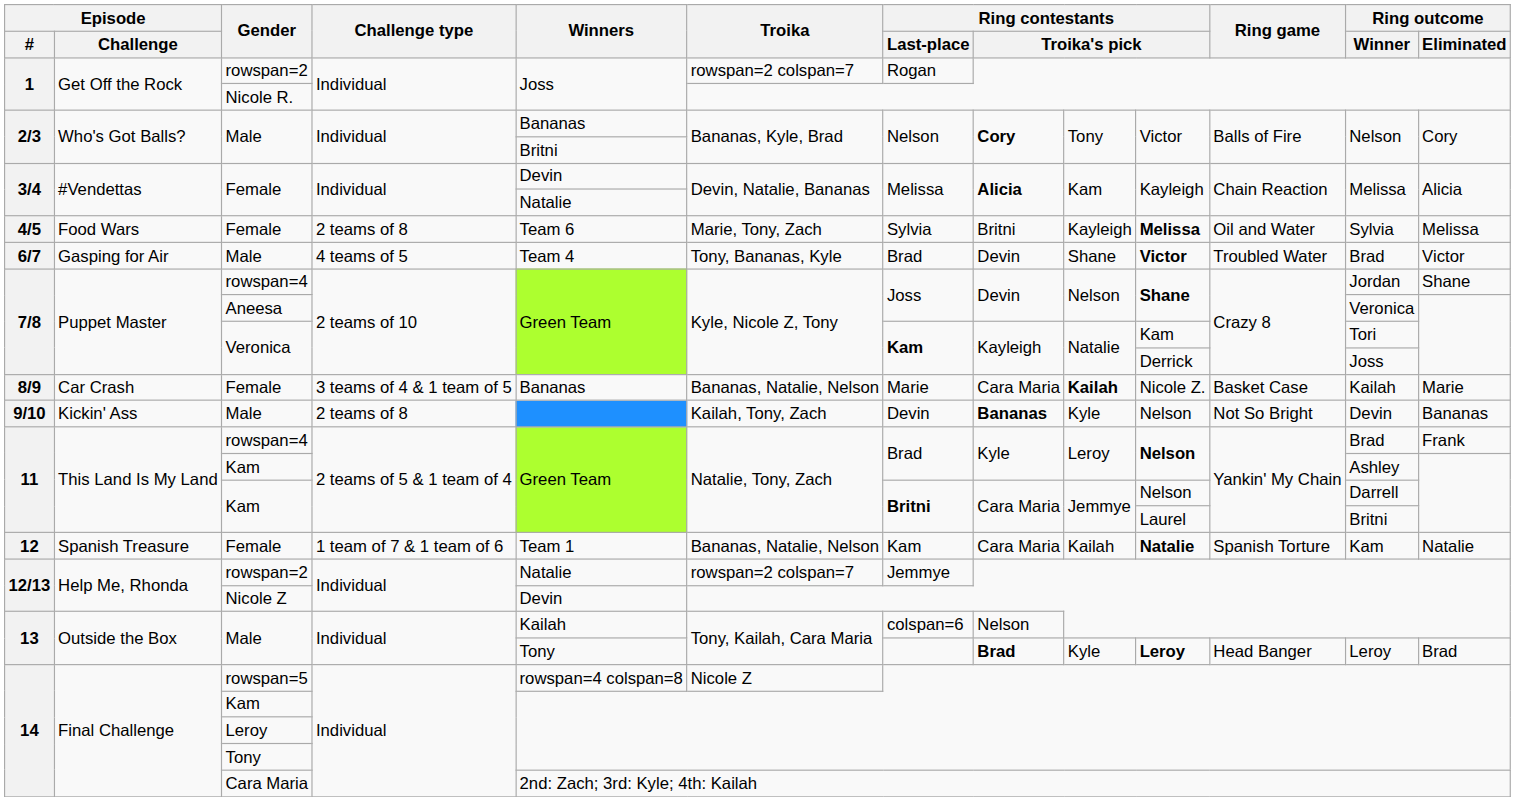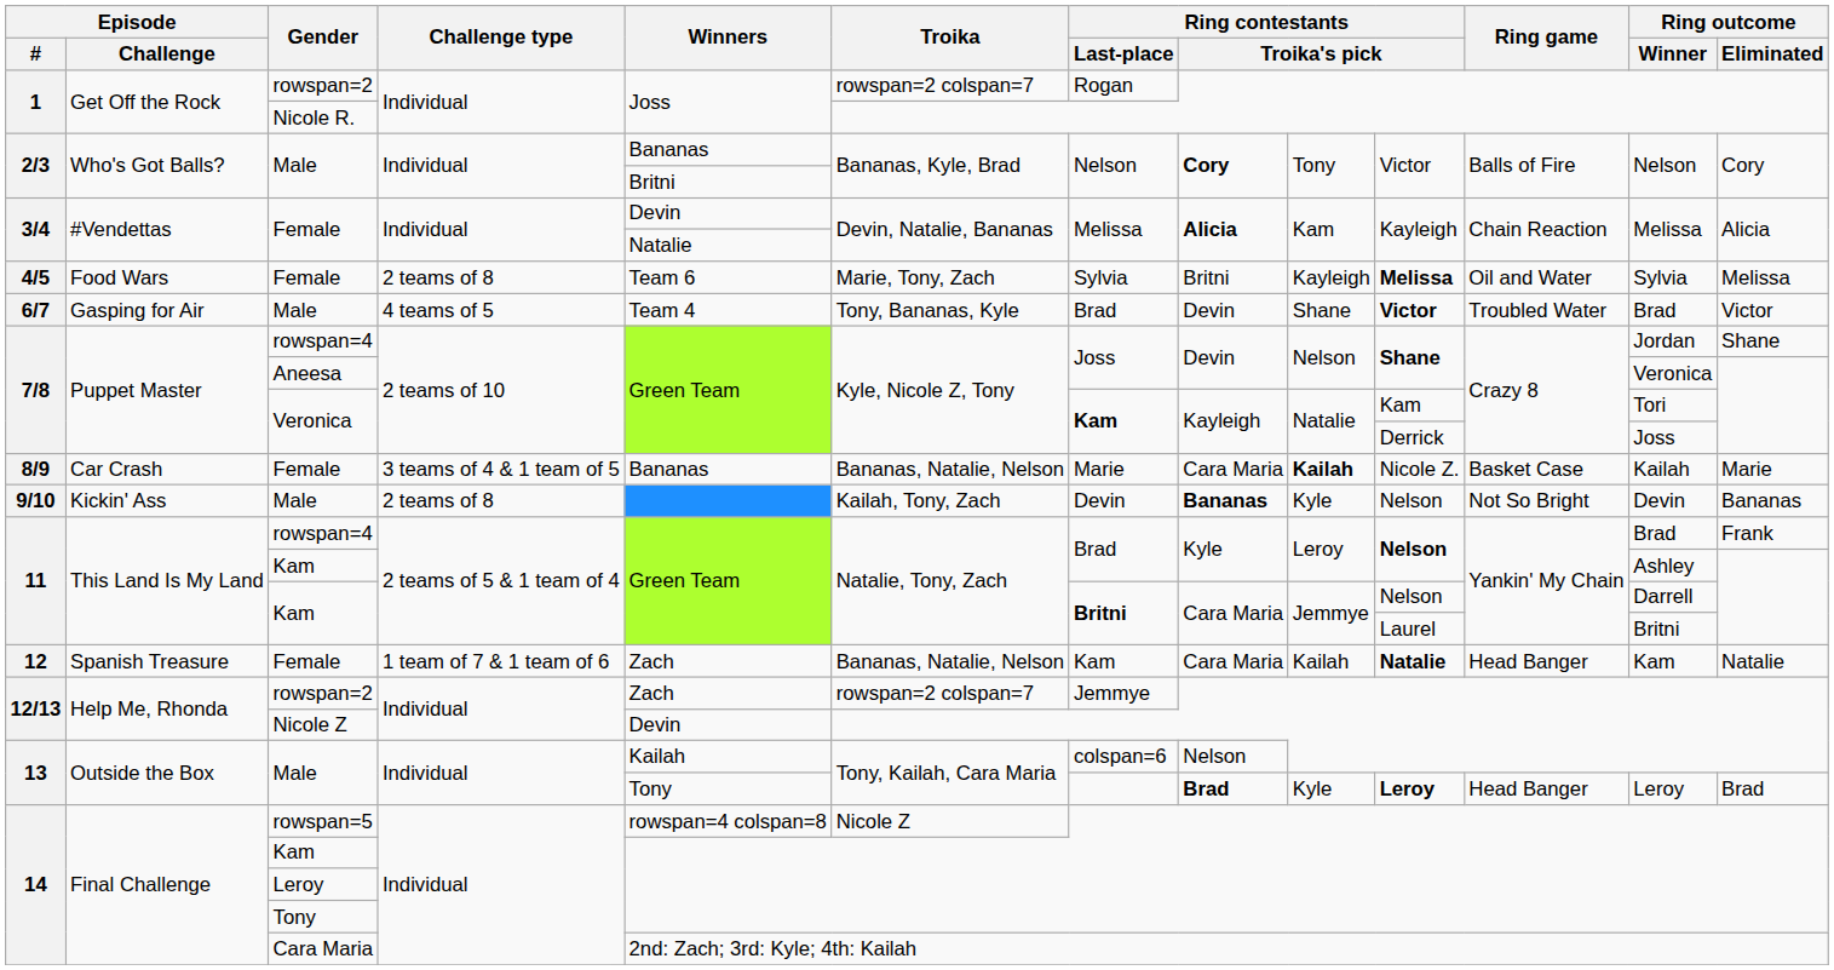 <table class="wikitable" style="font-size:90%; white-space:nowrap;">
 <tr>
 <th colspan=2>Episode</th>
 <th rowspan=2>Gender</th>
 <th rowspan=2>Challenge type</th>
 <th rowspan=2>Winners</th>
 <th rowspan=2 colspan=1>Troika</th>
 <th colspan=4>Ring contestants</th>
 <th rowspan=2>Ring game</th>
 <th colspan=2>Ring outcome</th>
 </tr>
 <tr>
 <th>#</th>
 <th>Challenge</th>
 <th>Last-place</th>
 <th colspan=3>Troika's pick</th>
 <th>Winner</th>
 <th>Eliminated</th>
 </tr>
 <tr>
 <th rowspan=2>1</th>
 <td rowspan=2>Get Off the Rock</td>
 <td>rowspan=2 </td>
 <td rowspan=2>Individual</td>
 <td rowspan=2>Joss</td>
 <td>rowspan=2 colspan=7 </td>
 <td>Rogan</td>
 </tr>
 <tr>
 <td>Nicole R.</td>
 </tr>
 <tr>
 <th rowspan=2>2/3</th>
 <td rowspan=2>Who's Got Balls?</td>
 <td rowspan=2>Male</td>
 <td rowspan=2>Individual</td>
 <td>Bananas</td>
 <td rowspan=2>Bananas, Kyle, Brad</td>
 <td rowspan=2>Nelson</td>
 <td rowspan=2><strong>Cory</strong></td>
 <td rowspan=2>Tony</td>
 <td rowspan=2>Victor</td>
 <td rowspan=2>Balls of Fire</td>
 <td rowspan=2>Nelson</td>
 <td rowspan=2>Cory</td>
 </tr>
 <tr>
 <td>Britni</td>
 </tr>
 <tr>
 <th rowspan=2>3/4</th>
 <td rowspan=2>#Vendettas</td>
 <td rowspan=2>Female</td>
 <td rowspan=2>Individual</td>
 <td>Devin</td>
 <td rowspan=2>Devin, Natalie, Bananas</td>
 <td rowspan=2>Melissa</td>
 <td rowspan=2><strong>Alicia</strong></td>
 <td rowspan=2>Kam</td>
 <td rowspan=2>Kayleigh</td>
 <td rowspan=2>Chain Reaction</td>
 <td rowspan=2>Melissa</td>
 <td rowspan=2>Alicia</td>
 </tr>
 <tr>
 <td>Natalie</td>
 </tr>
 <tr>
 <th rowspan=1>4/5</th>
 <td>Food Wars</td>
 <td>Female</td>
 <td>2 teams of 8</td>
 <td>Team 6</td>
 <td>Marie, Tony, Zach</td>
 <td>Sylvia</td>
 <td>Britni</td>
 <td>Kayleigh</td>
 <td><strong>Melissa</strong></td>
 <td>Oil and Water</td>
 <td>Sylvia</td>
 <td>Melissa</td>
 </tr>
 <tr>
 <th rowspan=1>6/7</th>
 <td>Gasping for Air</td>
 <td>Male</td>
 <td>4 teams of 5</td>
 <td>Team 4</td>
 <td>Tony, Bananas, Kyle</td>
 <td>Brad</td>
 <td>Devin</td>
 <td>Shane</td>
 <td><strong>Victor</strong></td>
 <td>Troubled Water</td>
 <td>Brad</td>
 <td>Victor</td>
 </tr>
 <tr>
 <th rowspan=4>7/8</th>
 <td rowspan=4>Puppet Master</td>
 <td>rowspan=4 </td>
 <td rowspan=4>2 teams of 10</td>
 <td bgcolor="#adff2f" rowspan=4>Green Team</td>
 <td rowspan=4>Kyle, Nicole Z, Tony</td>
 <td rowspan=2>Joss</td>
 <td rowspan=2>Devin</td>
 <td rowspan=2>Nelson</td>
 <td rowspan=2><strong>Shane</strong></td>
 <td rowspan=4>Crazy 8</td>
 <td>Jordan</td>
 <td>Shane</td>
 </tr>
 <tr>
 <td>Aneesa</td>
 <td>Veronica</td>
 </tr>
 <tr>
 <td rowspan=2>Veronica</td>
 <td rowspan=2><strong>Kam</strong></td>
 <td rowspan=2>Kayleigh</td>
 <td rowspan=2>Natalie</td>
 <td>Kam</td>
 <td>Tori</td>
 </tr>
 <tr>
 <td>Derrick</td>
 <td>Joss</td>
 </tr>
 <tr>
 <th>8/9</th>
 <td>Car Crash</td>
 <td>Female</td>
 <td>3 teams of 4 & 1 team of 5</td>
 <td>Bananas</td>
 <td>Bananas, Natalie, Nelson</td>
 <td>Marie</td>
 <td>Cara Maria</td>
 <td><strong>Kailah</strong></td>
 <td>Nicole Z.</td>
 <td>Basket Case</td>
 <td>Kailah</td>
 <td>Marie</td>
 </tr>
 <tr>
 <th>9/10</th>
 <td>Kickin' Ass</td>
 <td>Male</td>
 <td>2 teams of 8</td>
 <td bgcolor="#1e90ff"></td>
 <td>Kailah, Tony, Zach</td>
 <td>Devin</td>
 <td><strong>Bananas</strong></td>
 <td>Kyle</td>
 <td>Nelson</td>
 <td>Not So Bright</td>
 <td>Devin</td>
 <td>Bananas</td>
 </tr>
 <tr>
 <th rowspan=4>11</th>
 <td rowspan=4>This Land Is My Land</td>
 <td>rowspan=4 </td>
 <td rowspan=4>2 teams of 5 & 1 team of 4</td>
 <td bgcolor="#adff2f" rowspan=4>Green Team</td>
 <td rowspan=4>Natalie, Tony, Zach</td>
 <td rowspan=2>Brad</td>
 <td rowspan=2>Kyle</td>
 <td rowspan=2>Leroy</td>
 <td rowspan=2><strong>Nelson</strong></td>
 <td rowspan=4>Yankin' My Chain</td>
 <td>Brad</td>
 <td>Frank</td>
 </tr>
 <tr>
 <td>Kam</td>
 <td>Ashley</td>
 </tr>
 <tr>
 <td rowspan=2>Kam</td>
 <td rowspan=2><strong>Britni</strong></td>
 <td rowspan=2>Cara Maria</td>
 <td rowspan=2>Jemmye</td>
 <td>Nelson</td>
 <td>Darrell</td>
 </tr>
 <tr>
 <td>Laurel</td>
 <td>Britni</td>
 </tr>
 <tr>
 <th rowspan=1>12</th>
 <td>Spanish Treasure</td>
 <td>Female</td>
 <td>1 team of 7 & 1 team of 6</td>
-<td>Team 1</td>
+<td>Zach</td>
 <td>Bananas, Natalie, Nelson</td>
 <td>Kam</td>
 <td>Cara Maria</td>
 <td>Kailah</td>
 <td><strong>Natalie</strong></td>
-<td>Spanish Torture</td>
+<td>Head Banger</td>
 <td>Kam</td>
 <td>Natalie</td>
 </tr>
 <tr>
 <th rowspan=2>12/13</th>
 <td rowspan=2>Help Me, Rhonda</td>
 <td>rowspan=2 </td>
 <td rowspan=2>Individual</td>
-<td>Natalie</td>
+<td>Zach</td>
 <td>rowspan=2 colspan=7 </td>
 <td>Jemmye</td>
 </tr>
 <tr>
 <td>Nicole Z</td>
 <td>Devin</td>
 </tr>
 <tr>
 <th rowspan=2>13</th>
 <td rowspan=2>Outside the Box</td>
 <td rowspan=2>Male</td>
 <td rowspan=2>Individual</td>
 <td>Kailah</td>
 <td rowspan=2>Tony, Kailah, Cara Maria</td>
 <td>colspan=6 </td>
 <td>Nelson</td>
 </tr>
 <tr>
 <td>Tony</td>
 <td></td>
 <td><strong>Brad</strong></td>
 <td>Kyle</td>
 <td><strong>Leroy</strong></td>
 <td>Head Banger</td>
 <td>Leroy</td>
 <td>Brad</td>
 </tr>
 <tr>
 <th rowspan=5>14</th>
 <td rowspan=5>Final Challenge</td>
 <td>rowspan=5 </td>
 <td rowspan=5>Individual</td>
 <td>rowspan=4 colspan=8 </td>
 <td>Nicole Z</td>
 </tr>
 <tr>
 <td>Kam</td>
 </tr>
 <tr>
 <td>Leroy</td>
 </tr>
 <tr>
 <td>Tony</td>
 </tr>
 <tr>
 <td>Cara Maria</td>
 <td colspan=14>2nd: Zach; 3rd: Kyle; 4th: Kailah</td>
 </tr>
 </table>
